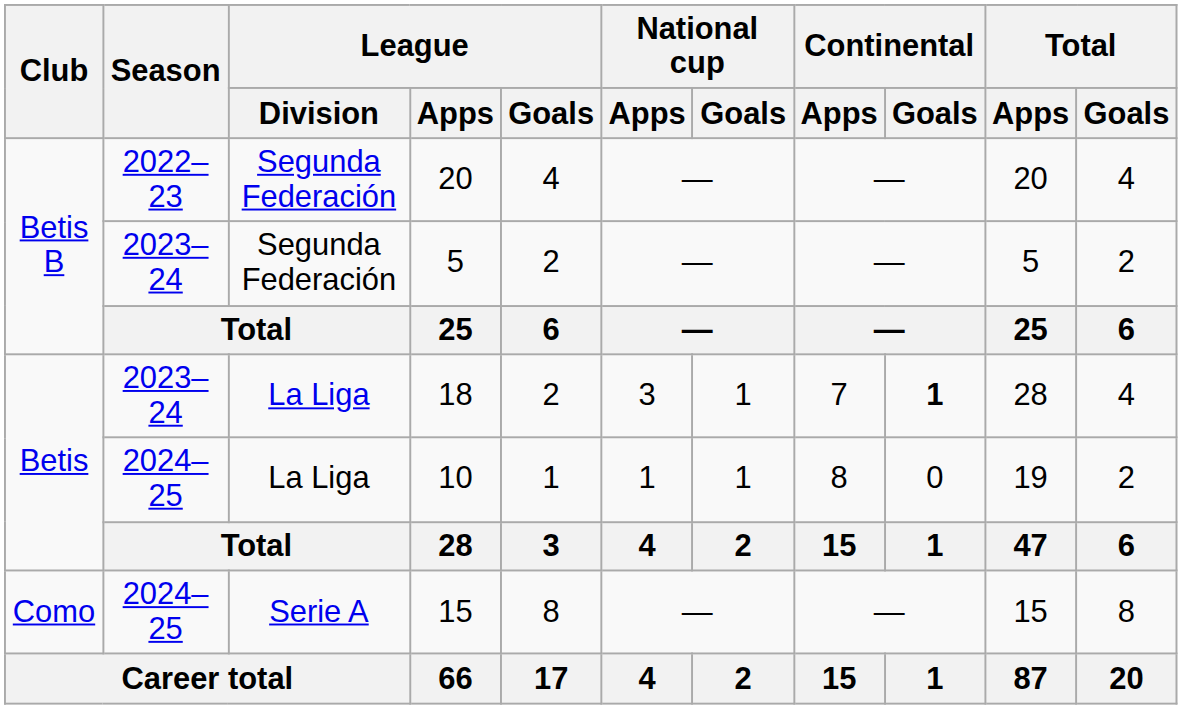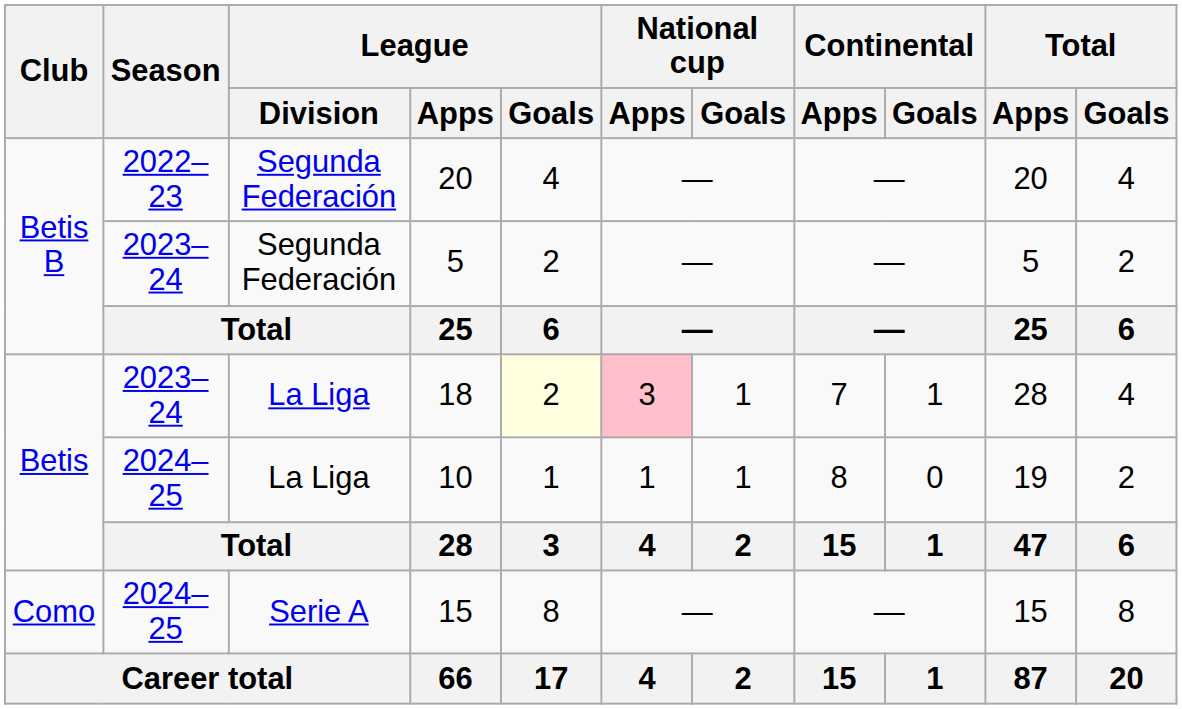 <table class="wikitable" style="text-align: center">
 <tr>
 <th rowspan="2">Club</th>
 <th rowspan="2">Season</th>
 <th colspan="3">League</th>
 <th colspan="2">National cup</th>
 <th colspan="2">Continental</th>
 <th colspan="2">Total</th>
 </tr>
 <tr>
 <th>Division</th>
 <th>Apps</th>
 <th>Goals</th>
 <th>Apps</th>
 <th>Goals</th>
 <th>Apps</th>
 <th>Goals</th>
 <th>Apps</th>
 <th>Goals</th>
 </tr>
 <tr>
 <td rowspan="3"><a href='#'>Betis B</a></td>
 <td><a href='#'>2022–23</a></td>
 <td><a href='#'>Segunda Federación</a></td>
 <td>20</td>
 <td>4</td>
 <td colspan="2">—</td>
 <td colspan="2">—</td>
 <td>20</td>
 <td>4</td>
 </tr>
 <tr>
 <td><a href='#'>2023–24</a></td>
 <td>Segunda Federación</td>
 <td>5</td>
 <td>2</td>
 <td colspan="2">—</td>
 <td colspan="2">—</td>
 <td>5</td>
 <td>2</td>
 </tr>
 <tr>
 <th colspan="2">Total</th>
 <th>25</th>
 <th>6</th>
 <th colspan="2">—</th>
 <th colspan="2">—</th>
 <th>25</th>
 <th>6</th>
 </tr>
 <tr>
 <td rowspan="3"><a href='#'>Betis</a></td>
 <td><a href='#'>2023–24</a></td>
 <td><a href='#'>La Liga</a></td>
 <td>18</td>
-<td>2</td>
-<td>3</td>
+<td style="background: lightyellow;">2</td>
+<td style="background: pink;">3</td>
 <td>1</td>
 <td>7</td>
-<td><strong>1</strong></td>
+<td>1</td>
 <td>28</td>
 <td>4</td>
 </tr>
 <tr>
 <td><a href='#'>2024–25</a></td>
 <td>La Liga</td>
 <td>10</td>
 <td>1</td>
 <td>1</td>
 <td>1</td>
 <td>8</td>
 <td>0</td>
 <td>19</td>
 <td>2</td>
 </tr>
 <tr>
 <th colspan="2">Total</th>
 <th>28</th>
 <th>3</th>
 <th>4</th>
 <th>2</th>
 <th>15</th>
 <th>1</th>
 <th>47</th>
 <th>6</th>
 </tr>
 <tr>
 <td><a href='#'>Como</a></td>
 <td><a href='#'>2024–25</a></td>
 <td><a href='#'>Serie A</a></td>
 <td>15</td>
 <td>8</td>
 <td colspan="2">—</td>
 <td colspan="2">—</td>
 <td>15</td>
 <td>8</td>
 </tr>
 <tr>
 <th colspan="3">Career total</th>
 <th>66</th>
 <th>17</th>
 <th>4</th>
 <th>2</th>
 <th>15</th>
 <th>1</th>
 <th>87</th>
 <th>20</th>
 </tr>
 </table>
